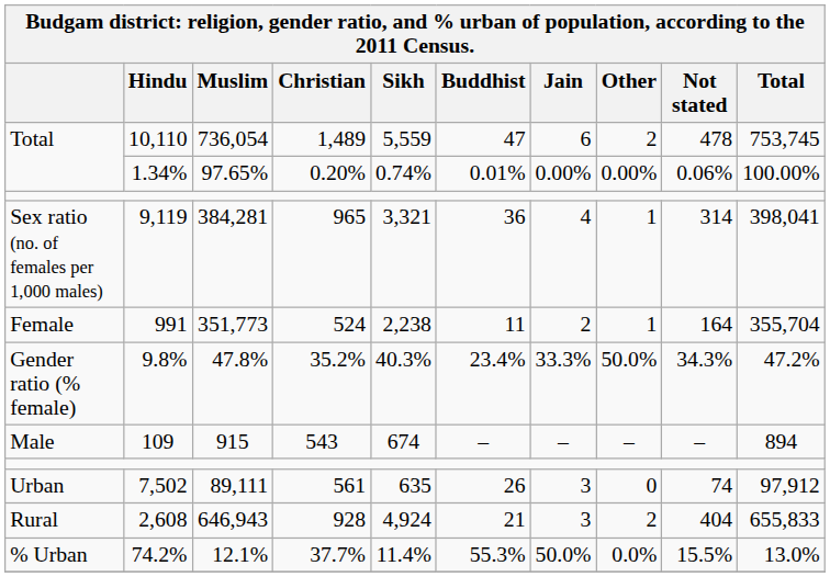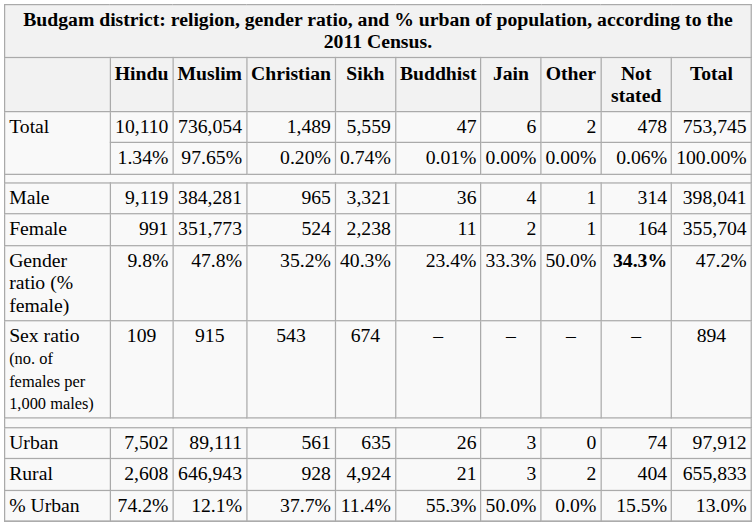 <table class="wikitable mw-collapsible mw-collapsed">
 <tr>
 <th colspan=10>Budgam district: religion, gender ratio, and % urban of population, according to the 2011 Census.</th>
 </tr>
 <tr style="vertical-align:top;">
 <th></th>
 <th>Hindu</th>
 <th>Muslim</th>
 <th>Christian</th>
 <th>Sikh</th>
 <th>Buddhist</th>
 <th>Jain</th>
 <th>Other</th>
 <th>Not stated</th>
 <th>Total</th>
 </tr>
 <tr style="vertical-align:top;text-align:right;">
 <td rowspan=2 style="text-align:left;">Total</td>
 <td>10,110</td>
 <td>736,054</td>
 <td>1,489</td>
 <td>5,559</td>
 <td>47</td>
 <td>6</td>
 <td>2</td>
 <td>478</td>
 <td>753,745</td>
 </tr>
 <tr style="vertical-align:top;text-align:right;">
 <td>1.34%</td>
 <td>97.65%</td>
 <td>0.20%</td>
 <td>0.74%</td>
 <td>0.01%</td>
 <td>0.00%</td>
 <td>0.00%</td>
 <td>0.06%</td>
 <td>100.00%</td>
 </tr>
 <tr>
 <td colspan=10></td>
 </tr>
 <tr style="vertical-align:top;text-align:right;">
-<td style="text-align:left;">Sex ratio <br><small>(no. of females per 1,000 males)</small></td>
+<td style="text-align:left;">Male</td>
 <td>9,119</td>
 <td>384,281</td>
 <td>965</td>
 <td>3,321</td>
 <td>36</td>
 <td>4</td>
 <td>1</td>
 <td>314</td>
 <td>398,041</td>
 </tr>
 <tr style="vertical-align:top;text-align:right;">
 <td style="text-align:left;">Female</td>
 <td>991</td>
 <td>351,773</td>
 <td>524</td>
 <td>2,238</td>
 <td>11</td>
 <td>2</td>
 <td>1</td>
 <td>164</td>
 <td>355,704</td>
 </tr>
 <tr style="vertical-align:top;text-align:right;">
 <td style="text-align:left;">Gender ratio (% female)</td>
 <td>9.8%</td>
 <td>47.8%</td>
 <td>35.2%</td>
 <td>40.3%</td>
 <td>23.4%</td>
 <td>33.3%</td>
 <td>50.0%</td>
-<td>34.3%</td>
+<td><strong>34.3%</strong></td>
 <td>47.2%</td>
 </tr>
 <tr style="vertical-align:top;text-align:center;">
-<td style="text-align:left;">Male</td>
+<td style="text-align:left;">Sex ratio <br><small>(no. of females per 1,000 males)</small></td>
 <td>109</td>
 <td>915</td>
 <td>543</td>
 <td>674</td>
 <td>–</td>
 <td>–</td>
 <td>–</td>
 <td>–</td>
 <td>894</td>
 </tr>
 <tr>
 <td colspan=10></td>
 </tr>
 <tr style="vertical-align:top;text-align:right;">
 <td style="text-align:left;">Urban</td>
 <td>7,502</td>
 <td>89,111</td>
 <td>561</td>
 <td>635</td>
 <td>26</td>
 <td>3</td>
 <td>0</td>
 <td>74</td>
 <td>97,912</td>
 </tr>
 <tr style="vertical-align:top;text-align:right;">
 <td style="text-align:left;">Rural</td>
 <td>2,608</td>
 <td>646,943</td>
 <td>928</td>
 <td>4,924</td>
 <td>21</td>
 <td>3</td>
 <td>2</td>
 <td>404</td>
 <td>655,833</td>
 </tr>
 <tr style="vertical-align:top;text-align:right;">
 <td style="text-align:left;">% Urban</td>
 <td>74.2%</td>
 <td>12.1%</td>
 <td>37.7%</td>
 <td>11.4%</td>
 <td>55.3%</td>
 <td>50.0%</td>
 <td>0.0%</td>
 <td>15.5%</td>
 <td>13.0%</td>
 </tr>
 <tr>
 </tr>
 </table>
